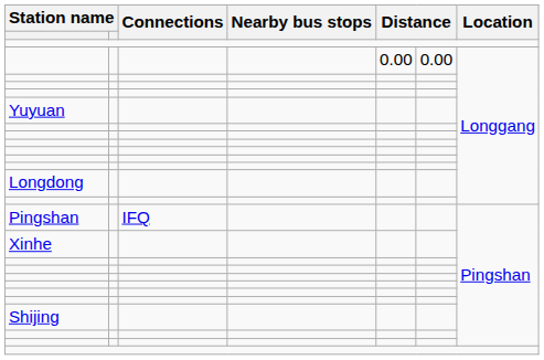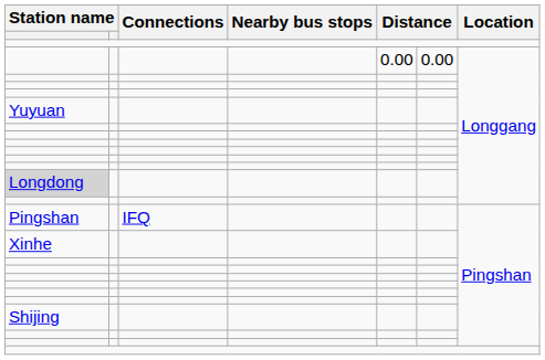 <table class="wikitable">
 <tr>
 <th colspan="2">Station name</th>
 <th rowspan="2">Connections</th>
 <th rowspan="2">Nearby bus stops</th>
 <th colspan="2" rowspan="2">Distance<br></th>
 <th rowspan="2">Location</th>
 </tr>
 <tr>
 <th></th>
 <th></th>
 </tr>
 <tr style="background:#">
 <td colspan = "7"></td>
 </tr>
 <tr>
 <td></td>
 <td></td>
 <td> </td>
 <td></td>
 <td>0.00</td>
 <td>0.00</td>
 <td rowspan=13><a href='#'>Longgang</a></td>
 </tr>
 <tr>
 <td></td>
 <td></td>
 <td></td>
 <td></td>
 <td></td>
 <td></td>
 </tr>
 <tr>
 <td></td>
 <td></td>
 <td></td>
 <td></td>
 <td></td>
 <td></td>
 </tr>
 <tr>
 <td></td>
 <td></td>
 <td></td>
 <td></td>
 <td></td>
 <td></td>
 </tr>
 <tr>
 <td><a href='#'>Yuyuan</a></td>
 <td></td>
 <td></td>
 <td></td>
 <td></td>
 <td></td>
 </tr>
 <tr>
 <td></td>
 <td></td>
 <td></td>
 <td></td>
 <td></td>
 <td></td>
 </tr>
 <tr>
 <td></td>
 <td></td>
 <td></td>
 <td></td>
 <td></td>
 <td></td>
 </tr>
 <tr>
 <td></td>
 <td></td>
 <td></td>
 <td></td>
 <td></td>
 <td></td>
 </tr>
 <tr>
 <td></td>
 <td></td>
 <td></td>
 <td></td>
 <td></td>
 <td></td>
 </tr>
 <tr>
 <td></td>
 <td></td>
 <td></td>
 <td></td>
 <td></td>
 <td></td>
 </tr>
 <tr>
 <td></td>
 <td></td>
 <td></td>
 <td></td>
 <td></td>
 <td></td>
 </tr>
 <tr>
-<td><a href='#'>Longdong</a></td>
+<td style="background: lightgrey;"><a href='#'>Longdong</a></td>
 <td></td>
 <td></td>
 <td></td>
 <td></td>
 <td></td>
 </tr>
 <tr>
 <td></td>
 <td></td>
 <td></td>
 <td></td>
 <td></td>
 <td></td>
 </tr>
 <tr>
 <td><a href='#'>Pingshan</a></td>
 <td></td>
 <td> <a href='#'>IFQ</a><br></td>
 <td></td>
 <td></td>
 <td></td>
 <td rowspan=11><a href='#'>Pingshan</a></td>
 </tr>
 <tr>
 <td><a href='#'>Xinhe</a></td>
 <td></td>
 <td></td>
 <td></td>
 <td></td>
 <td></td>
 </tr>
 <tr>
 <td></td>
 <td></td>
 <td></td>
 <td></td>
 <td></td>
 <td></td>
 </tr>
 <tr>
 <td></td>
 <td></td>
 <td></td>
 <td></td>
 <td></td>
 <td></td>
 </tr>
 <tr>
 <td></td>
 <td></td>
 <td></td>
 <td></td>
 <td></td>
 <td></td>
 </tr>
 <tr>
 <td></td>
 <td></td>
 <td></td>
 <td></td>
 <td></td>
 <td></td>
 </tr>
 <tr>
 <td></td>
 <td></td>
 <td></td>
 <td></td>
 <td></td>
 <td></td>
 </tr>
 <tr>
 <td></td>
 <td></td>
 <td></td>
 <td></td>
 <td></td>
 <td></td>
 </tr>
 <tr>
 <td><a href='#'>Shijing</a></td>
 <td></td>
 <td></td>
 <td></td>
 <td></td>
 <td></td>
 </tr>
 <tr>
 <td></td>
 <td></td>
 <td></td>
 <td></td>
 <td></td>
 <td></td>
 </tr>
 <tr>
 <td></td>
 <td></td>
 <td></td>
 <td></td>
 <td></td>
 <td></td>
 </tr>
 <tr style="background:#">
 <td colspan = "7"></td>
 </tr>
 </table>
